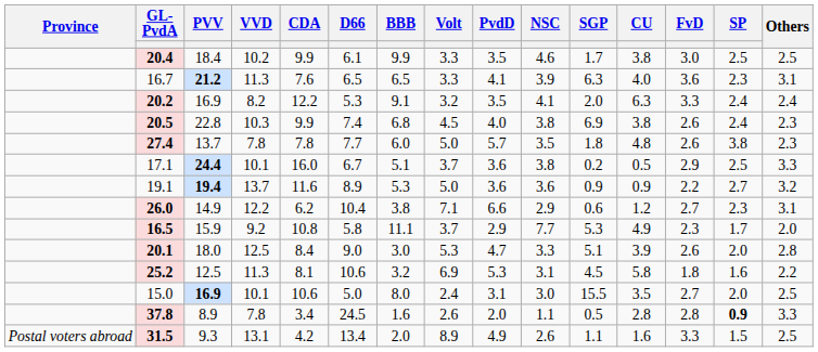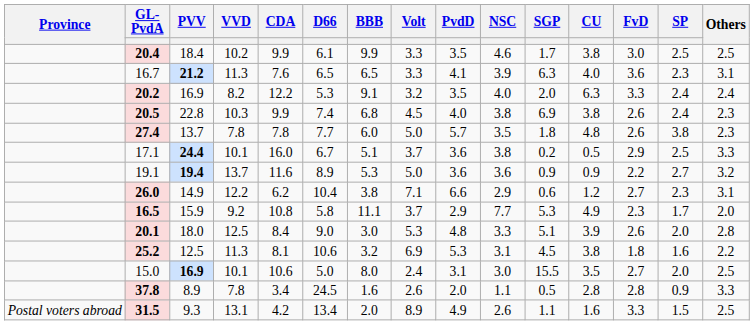 <table class="wikitable sortable" style="text-align:center;font-size:90%;line-height:14px">
 <tr>
 <th rowspan="2"><a href='#'>Province</a></th>
 <th style="width:40px;"><a href='#'>GL-<br>PvdA</a></th>
 <th style="width:40px;"><a href='#'>PVV</a></th>
 <th style="width:40px;"><a href='#'>VVD</a></th>
 <th style="width:40px;"><a href='#'>CDA</a></th>
 <th style="width:40px;"><a href='#'>D66</a></th>
 <th style="width:40px;"><a href='#'>BBB</a></th>
 <th style="width:40px;"><a href='#'>Volt</a></th>
 <th style="width:40px;"><a href='#'>PvdD</a></th>
 <th style="width:40px;"><a href='#'>NSC</a></th>
 <th style="width:40px;"><a href='#'>SGP</a></th>
 <th style="width:40px;"><a href='#'>CU</a></th>
 <th style="width:40px;"><a href='#'>FvD</a></th>
 <th style="width:40px;"><a href='#'>SP</a></th>
 <th style="width:40px;" rowspan="2">Others</th>
 </tr>
 <tr>
 <th style="background:"></th>
 <th style="background:"></th>
 <th style="background:"></th>
 <th style="background:"></th>
 <th style="background:"></th>
 <th style="background:"></th>
 <th style="background:"></th>
 <th style="background:"></th>
 <th style="background:"></th>
 <th style="background:"></th>
 <th style="background:"></th>
 <th style="background:"></th>
 <th style="background:"></th>
 </tr>
 <tr>
 <td align="left"></td>
 <td style="background:#fbdbdc"><strong>20.4</strong></td>
 <td>18.4</td>
 <td>10.2</td>
 <td>9.9</td>
 <td>6.1</td>
 <td>9.9</td>
 <td>3.3</td>
 <td>3.5</td>
 <td>4.6</td>
 <td>1.7</td>
 <td>3.8</td>
 <td>3.0</td>
 <td>2.5</td>
 <td>2.5</td>
 </tr>
 <tr>
 <td align="left"></td>
 <td>16.7</td>
 <td style="background:#CDE2FE"><strong>21.2</strong></td>
 <td>11.3</td>
 <td>7.6</td>
 <td>6.5</td>
 <td>6.5</td>
 <td>3.3</td>
 <td>4.1</td>
 <td>3.9</td>
 <td>6.3</td>
 <td>4.0</td>
 <td>3.6</td>
 <td>2.3</td>
 <td>3.1</td>
 </tr>
 <tr>
 <td align="left"></td>
 <td style="background:#fbdbdc"><strong>20.2</strong></td>
 <td>16.9</td>
 <td>8.2</td>
 <td>12.2</td>
 <td>5.3</td>
 <td>9.1</td>
 <td>3.2</td>
 <td>3.5</td>
-<td>4.1</td>
+<td>4.0</td>
 <td>2.0</td>
 <td>6.3</td>
 <td>3.3</td>
 <td>2.4</td>
 <td>2.4</td>
 </tr>
 <tr>
 <td align="left"></td>
 <td style="background:#fbdbdc"><strong>20.5</strong></td>
 <td>22.8</td>
 <td>10.3</td>
 <td>9.9</td>
 <td>7.4</td>
 <td>6.8</td>
 <td>4.5</td>
 <td>4.0</td>
 <td>3.8</td>
 <td>6.9</td>
 <td>3.8</td>
 <td>2.6</td>
 <td>2.4</td>
 <td>2.3</td>
 </tr>
 <tr>
 <td align="left"></td>
 <td style="background:#fbdbdc"><strong>27.4</strong></td>
 <td>13.7</td>
 <td>7.8</td>
 <td>7.8</td>
 <td>7.7</td>
 <td>6.0</td>
 <td>5.0</td>
 <td>5.7</td>
 <td>3.5</td>
 <td>1.8</td>
 <td>4.8</td>
 <td>2.6</td>
 <td>3.8</td>
 <td>2.3</td>
 </tr>
 <tr>
 <td align="left"></td>
 <td>17.1</td>
 <td style="background:#CDE2FE"><strong>24.4</strong></td>
 <td>10.1</td>
 <td>16.0</td>
 <td>6.7</td>
 <td>5.1</td>
 <td>3.7</td>
 <td>3.6</td>
 <td>3.8</td>
 <td>0.2</td>
 <td>0.5</td>
 <td>2.9</td>
 <td>2.5</td>
 <td>3.3</td>
 </tr>
 <tr>
 <td align="left"></td>
 <td>19.1</td>
 <td style="background:#CDE2FE"><strong>19.4</strong></td>
 <td>13.7</td>
 <td>11.6</td>
 <td>8.9</td>
 <td>5.3</td>
 <td>5.0</td>
 <td>3.6</td>
 <td>3.6</td>
 <td>0.9</td>
 <td>0.9</td>
 <td>2.2</td>
 <td>2.7</td>
 <td>3.2</td>
 </tr>
 <tr>
 <td align="left"></td>
 <td style="background:#fbdbdc"><strong>26.0</strong></td>
 <td>14.9</td>
 <td>12.2</td>
 <td>6.2</td>
 <td>10.4</td>
 <td>3.8</td>
 <td>7.1</td>
 <td>6.6</td>
 <td>2.9</td>
 <td>0.6</td>
 <td>1.2</td>
 <td>2.7</td>
 <td>2.3</td>
 <td>3.1</td>
 </tr>
 <tr>
 <td align="left"></td>
 <td style="background:#fbdbdc"><strong>16.5</strong></td>
 <td>15.9</td>
 <td>9.2</td>
 <td>10.8</td>
 <td>5.8</td>
 <td>11.1</td>
 <td>3.7</td>
 <td>2.9</td>
 <td>7.7</td>
 <td>5.3</td>
 <td>4.9</td>
 <td>2.3</td>
 <td>1.7</td>
 <td>2.0</td>
 </tr>
 <tr>
 <td align="left"></td>
 <td style="background:#fbdbdc"><strong>20.1</strong></td>
 <td>18.0</td>
 <td>12.5</td>
 <td>8.4</td>
 <td>9.0</td>
 <td>3.0</td>
 <td>5.3</td>
-<td>4.7</td>
+<td>4.8</td>
 <td>3.3</td>
 <td>5.1</td>
 <td>3.9</td>
 <td>2.6</td>
 <td>2.0</td>
 <td>2.8</td>
 </tr>
 <tr>
 <td align="left"></td>
 <td style="background:#fbdbdc"><strong>25.2</strong></td>
 <td>12.5</td>
 <td>11.3</td>
 <td>8.1</td>
 <td>10.6</td>
 <td>3.2</td>
 <td>6.9</td>
 <td>5.3</td>
 <td>3.1</td>
 <td>4.5</td>
-<td>5.8</td>
+<td>3.8</td>
 <td>1.8</td>
 <td>1.6</td>
 <td>2.2</td>
 </tr>
 <tr>
 <td align="left"></td>
 <td>15.0</td>
 <td style="background:#CDE2FE"><strong>16.9</strong></td>
 <td>10.1</td>
 <td>10.6</td>
 <td>5.0</td>
 <td>8.0</td>
 <td>2.4</td>
 <td>3.1</td>
 <td>3.0</td>
 <td>15.5</td>
 <td>3.5</td>
 <td>2.7</td>
 <td>2.0</td>
 <td>2.5</td>
 </tr>
 <tr>
 <td align=left><em></em></td>
 <td style="background:#fbdbdc"><strong>37.8</strong></td>
 <td>8.9</td>
 <td>7.8</td>
 <td>3.4</td>
 <td>24.5</td>
 <td>1.6</td>
 <td>2.6</td>
 <td>2.0</td>
 <td>1.1</td>
 <td>0.5</td>
 <td>2.8</td>
 <td>2.8</td>
-<td><strong>0.9</strong></td>
+<td>0.9</td>
 <td>3.3</td>
 </tr>
 <tr>
 <td align=left><em>Postal voters abroad</em></td>
 <td style="background:#fbdbdc"><strong>31.5</strong></td>
 <td>9.3</td>
 <td>13.1</td>
 <td>4.2</td>
 <td>13.4</td>
 <td>2.0</td>
 <td>8.9</td>
 <td>4.9</td>
 <td>2.6</td>
 <td>1.1</td>
 <td>1.6</td>
 <td>3.3</td>
 <td>1.5</td>
 <td>2.5</td>
 </tr>
 </table>
